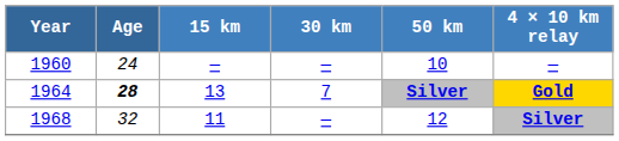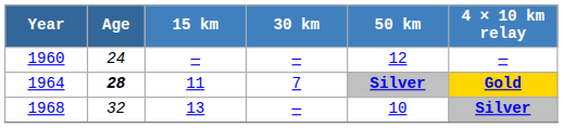 <table class="wikitable" style="font-size:95%; text-align:center; border:grey solid 1px; border-collapse:collapse; background:#ffffff;">
 <tr>
 <th style="background-color:#369; color:white; width:60px;"> Year </th>
 <th style="background-color:#369; color:white; width:40px;"> Age </th>
 <th style="background-color:#4180be; color:white; width:75px;"> 15 km </th>
 <th style="background-color:#4180be; color:white; width:75px;"> 30 km </th>
 <th style="background-color:#4180be; color:white; width:75px;"> 50 km </th>
 <th style="background-color:#4180be; color:white; width:75px;"> 4 × 10 km <br> relay </th>
 </tr>
 <tr>
 <td><a href='#'>1960</a></td>
 <td><em>24</em></td>
 <td><a href='#'>—</a></td>
 <td><a href='#'>—</a></td>
-<td><a href='#'>10</a></td>
+<td><a href='#'>12</a></td>
 <td><a href='#'>—</a></td>
 </tr>
 <tr>
 <td><a href='#'>1964</a></td>
 <td><strong><em>28</em></strong></td>
-<td><a href='#'>13</a></td>
+<td><a href='#'>11</a></td>
 <td><a href='#'>7</a></td>
 <td style="background:silver;"><a href='#'><strong>Silver</strong></a></td>
 <td style="background:gold;"><a href='#'><strong>Gold</strong></a></td>
 </tr>
 <tr>
 <td><a href='#'>1968</a></td>
 <td><em>32</em></td>
-<td><a href='#'>11</a></td>
+<td><a href='#'>13</a></td>
 <td><a href='#'>—</a></td>
-<td><a href='#'>12</a></td>
+<td><a href='#'>10</a></td>
 <td style="background:silver;"><a href='#'><strong>Silver</strong></a></td>
 </tr>
 <tr>
 </tr>
 </table>
